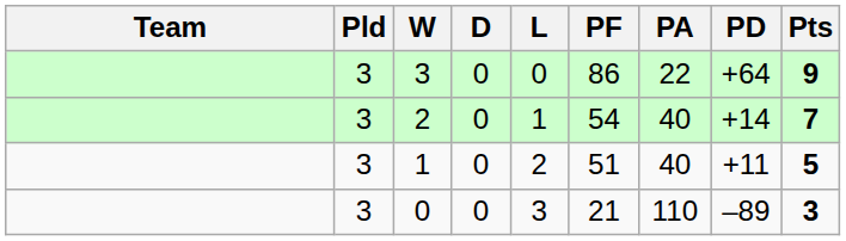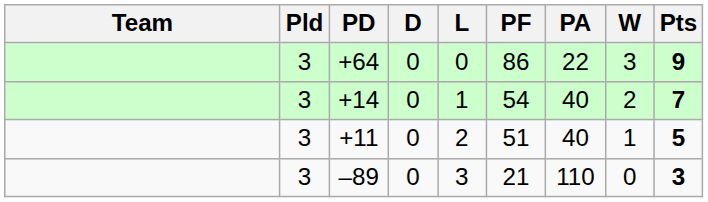 <table class="wikitable" style="text-align:center;">
 <tr>
 <th width=175>Team</th>
 <th width=25 abbr="Played">Pld</th>
-<th width=25 abbr="Won">W</th>
+<th width=32 abbr="Points difference">PD</th>
 <th width=25 abbr="Drawn">D</th>
 <th width=25 abbr="Lost">L</th>
 <th width=32 abbr="Points for">PF</th>
 <th width=32 abbr="Points against">PA</th>
-<th width=32 abbr="Points difference">PD</th>
+<th width=25 abbr="Won">W</th>
 <th width=25 abbr="Points">Pts</th>
 </tr>
 <tr bgcolor=ccffcc>
 <td align=left></td>
 <td>3</td>
-<td>3</td>
+<td>+64</td>
 <td>0</td>
 <td>0</td>
 <td>86</td>
 <td>22</td>
-<td>+64</td>
+<td>3</td>
 <td><strong>9</strong></td>
 </tr>
 <tr bgcolor=ccffcc>
 <td align=left></td>
 <td>3</td>
-<td>2</td>
+<td>+14</td>
 <td>0</td>
 <td>1</td>
 <td>54</td>
 <td>40</td>
-<td>+14</td>
+<td>2</td>
 <td><strong>7</strong></td>
 </tr>
 <tr>
 <td align=left></td>
 <td>3</td>
-<td>1</td>
+<td>+11</td>
 <td>0</td>
 <td>2</td>
 <td>51</td>
 <td>40</td>
-<td>+11</td>
+<td>1</td>
 <td><strong>5</strong></td>
 </tr>
 <tr>
 <td align=left></td>
 <td>3</td>
-<td>0</td>
+<td>–89</td>
 <td>0</td>
 <td>3</td>
 <td>21</td>
 <td>110</td>
-<td>–89</td>
+<td>0</td>
 <td><strong>3</strong></td>
 </tr>
 </table>
